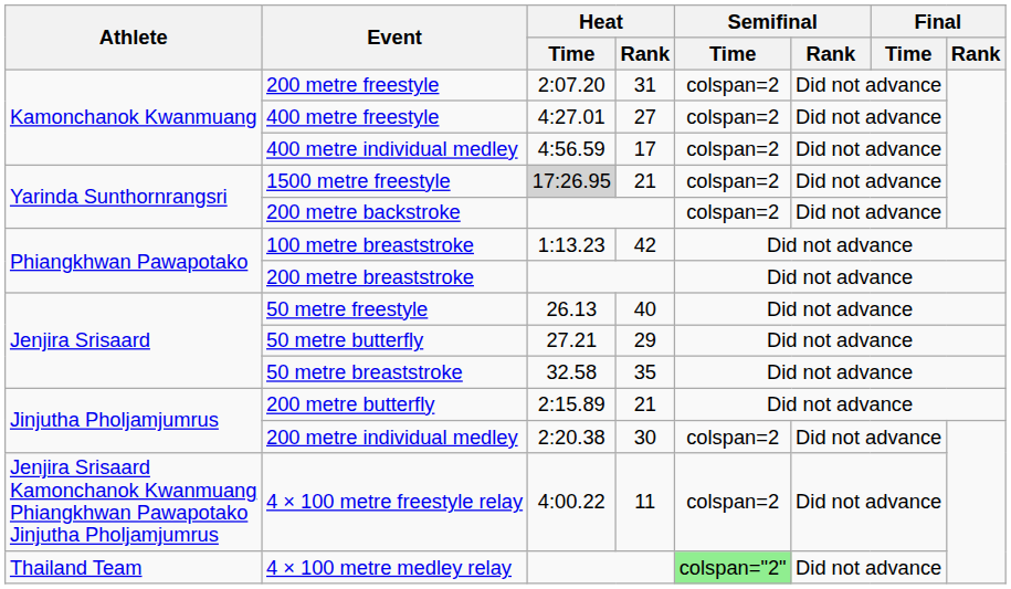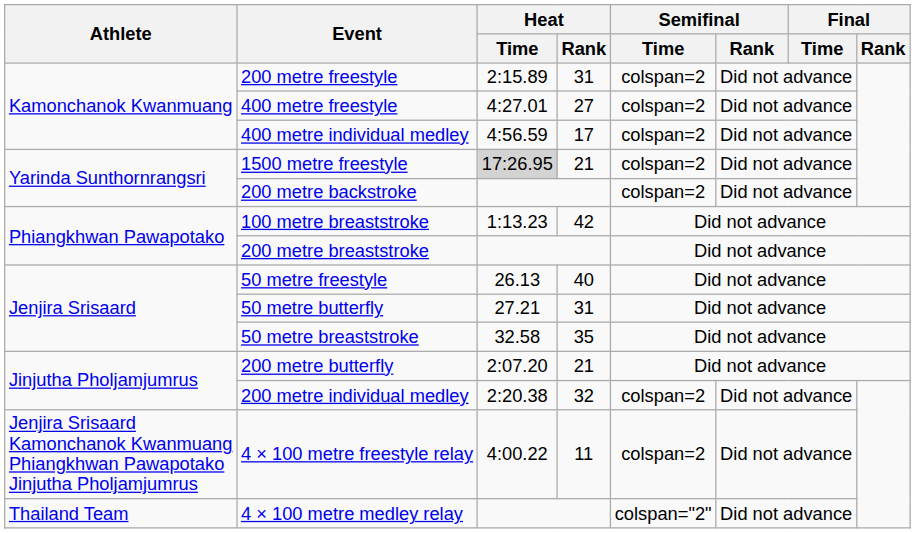 <table class="wikitable" style="font-size:90%;">
 <tr>
 <th rowspan="2">Athlete</th>
 <th rowspan="2">Event</th>
 <th colspan="2">Heat</th>
 <th colspan="2">Semifinal</th>
 <th colspan="2">Final</th>
 </tr>
 <tr>
 <th>Time</th>
 <th>Rank</th>
 <th>Time</th>
 <th>Rank</th>
 <th>Time</th>
 <th>Rank</th>
 </tr>
 <tr align="center">
 <td rowspan="3" align="left"><a href='#'>Kamonchanok Kwanmuang</a></td>
 <td align="left"><a href='#'>200 metre freestyle</a></td>
-<td>2:07.20</td>
+<td>2:15.89</td>
 <td>31</td>
 <td>colspan=2 </td>
 <td colspan=2>Did not advance</td>
 </tr>
 <tr align="center">
 <td align="left"><a href='#'>400 metre freestyle</a></td>
 <td>4:27.01</td>
 <td>27</td>
 <td>colspan=2 </td>
 <td colspan=2>Did not advance</td>
 </tr>
 <tr align="center">
 <td align="left"><a href='#'>400 metre individual medley</a></td>
 <td>4:56.59</td>
 <td>17</td>
 <td>colspan=2 </td>
 <td colspan=2>Did not advance</td>
 </tr>
 <tr align="center">
 <td rowspan="2" align="left"><a href='#'>Yarinda Sunthornrangsri</a></td>
 <td align="left"><a href='#'>1500 metre freestyle</a></td>
 <td style="background: lightgrey;">17:26.95</td>
 <td>21</td>
 <td>colspan=2 </td>
 <td colspan=2>Did not advance</td>
 </tr>
 <tr align="center">
 <td align="left"><a href='#'>200 metre backstroke</a></td>
 <td colspan=2></td>
 <td>colspan=2 </td>
 <td colspan=2>Did not advance</td>
 </tr>
 <tr align="center">
 <td rowspan="2" align="left"><a href='#'>Phiangkhwan Pawapotako</a></td>
 <td align="left"><a href='#'>100 metre breaststroke</a></td>
 <td>1:13.23</td>
 <td>42</td>
 <td colspan=4>Did not advance</td>
 </tr>
 <tr align="center">
 <td align="left"><a href='#'>200 metre breaststroke</a></td>
 <td colspan=2></td>
 <td colspan=4>Did not advance</td>
 </tr>
 <tr align="center">
 <td rowspan="3" align="left"><a href='#'>Jenjira Srisaard</a></td>
 <td align="left"><a href='#'>50 metre freestyle</a></td>
 <td>26.13</td>
 <td>40</td>
 <td colspan=4>Did not advance</td>
 </tr>
 <tr align="center">
 <td align="left"><a href='#'>50 metre butterfly</a></td>
 <td>27.21</td>
-<td>29</td>
+<td>31</td>
 <td colspan=4>Did not advance</td>
 </tr>
 <tr align="center">
 <td align="left"><a href='#'>50 metre breaststroke</a></td>
 <td>32.58</td>
 <td>35</td>
 <td colspan=4>Did not advance</td>
 </tr>
 <tr align="center">
 <td rowspan="2" align="left"><a href='#'>Jinjutha Pholjamjumrus</a></td>
 <td align="left"><a href='#'>200 metre butterfly</a></td>
-<td>2:15.89</td>
+<td>2:07.20</td>
 <td>21</td>
 <td colspan=4>Did not advance</td>
 </tr>
 <tr align="center">
 <td align="left"><a href='#'>200 metre individual medley</a></td>
 <td>2:20.38</td>
-<td>30</td>
+<td>32</td>
 <td>colspan=2 </td>
 <td colspan=2>Did not advance</td>
 </tr>
 <tr align="center">
 <td align="left"><a href='#'>Jenjira Srisaard</a><br><a href='#'>Kamonchanok Kwanmuang</a><br><a href='#'>Phiangkhwan Pawapotako</a><br><a href='#'>Jinjutha Pholjamjumrus</a></td>
 <td align="left"><a href='#'>4 × 100 metre freestyle relay</a></td>
 <td>4:00.22</td>
 <td>11</td>
 <td>colspan=2 </td>
 <td colspan=2>Did not advance</td>
 </tr>
 <tr align="center">
 <td align="left"><a href='#'>Thailand Team</a></td>
 <td align="left"><a href='#'>4 × 100 metre medley relay</a></td>
 <td colspan="2"></td>
-<td style="background: lightgreen;">colspan="2" </td>
+<td>colspan="2" </td>
 <td colspan=2>Did not advance</td>
 </tr>
 </table>
